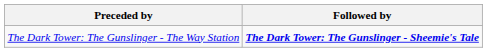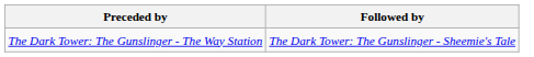 <table class="wikitable">
 <tr>
 <th><small><strong>Preceded by</strong></small></th>
 <th><small><strong>Followed by</strong></small></th>
 </tr>
 <tr>
 <td><small><em><a href='#'>The Dark Tower: The Gunslinger - The Way Station</a></em></small></td>
-<td><strong><small><em><a href='#'>The Dark Tower: The Gunslinger - Sheemie's Tale</a></em></small></strong></td>
+<td><small><em><a href='#'>The Dark Tower: The Gunslinger - Sheemie's Tale</a></em></small></td>
 </tr>
 </table>
